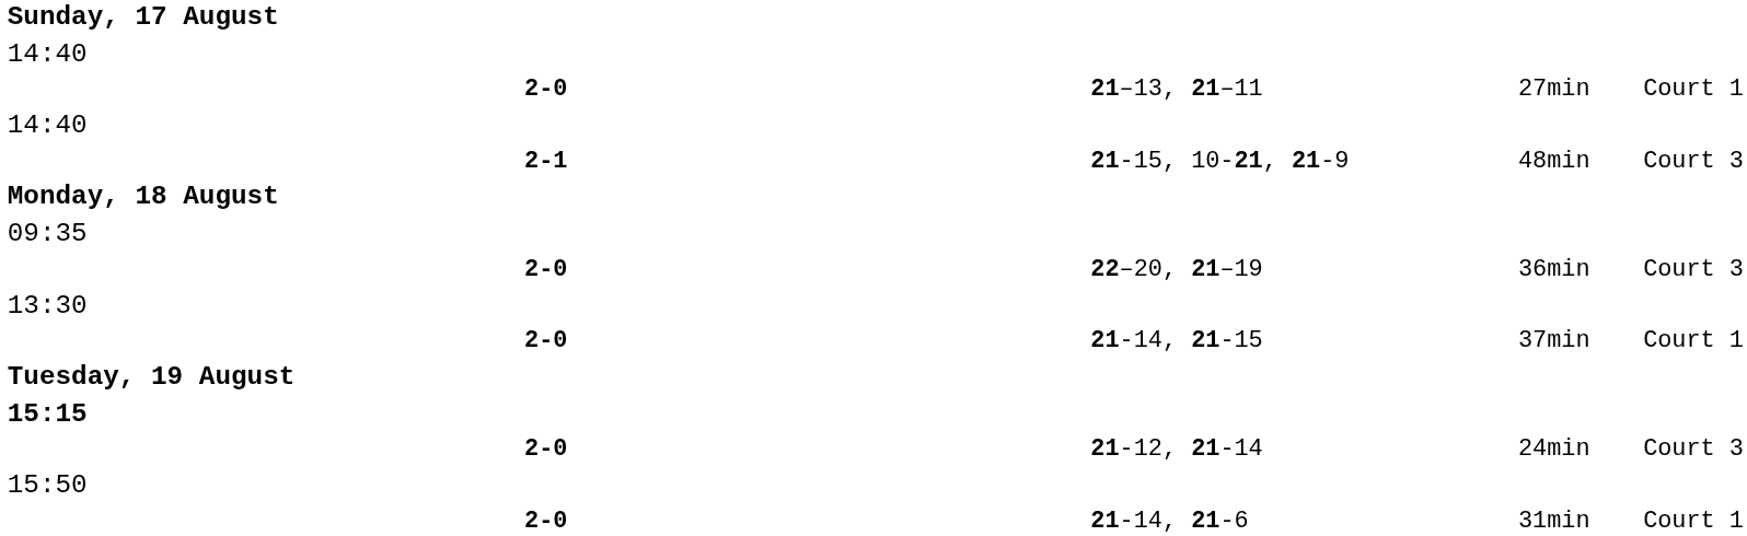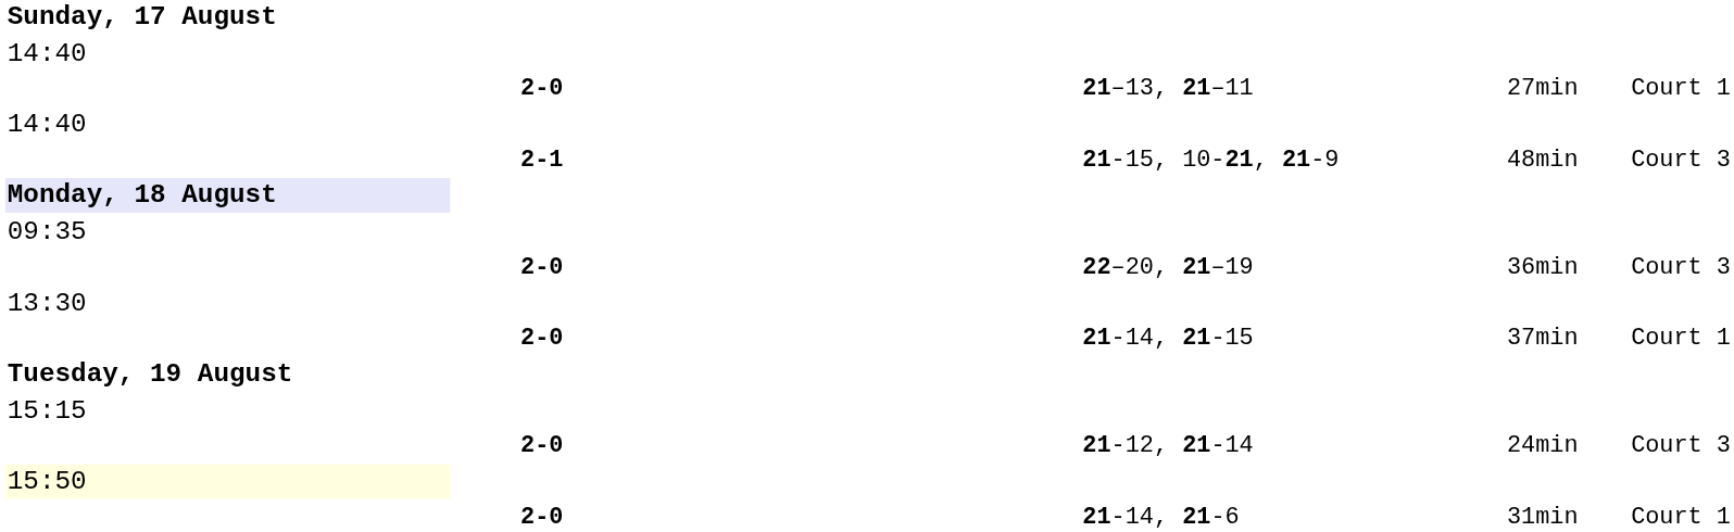 <table style="width:100%;" cellspacing="1">
 <tr>
 <th width=25%></th>
 <th width=10%></th>
 <th width=25%></th>
 </tr>
 <tr>
 <td><strong>Sunday, 17 August</strong></td>
 </tr>
 <tr>
 <td>14:40</td>
 </tr>
 <tr style=font-size:90%>
 <td align=right><strong></strong></td>
 <td align=center><strong> 2-0 </strong></td>
 <td></td>
 <td><strong>21</strong>–13, <strong>21</strong>–11</td>
 <td>27min</td>
 <td>Court 1</td>
 </tr>
 <tr>
 <td>14:40</td>
 </tr>
 <tr style=font-size:90%>
 <td align=right><strong></strong></td>
 <td align=center><strong> 2-1 </strong></td>
 <td></td>
 <td><strong>21</strong>-15, 10-<strong>21</strong>, <strong>21</strong>-9</td>
 <td>48min</td>
 <td>Court 3</td>
 </tr>
 <tr>
-<td><strong>Monday, 18 August</strong></td>
+<td style="background: lavender;"><strong>Monday, 18 August</strong></td>
 </tr>
 <tr>
 <td>09:35</td>
 </tr>
 <tr style=font-size:90%>
 <td align=right><strong></strong></td>
 <td align=center><strong> 2-0 </strong></td>
 <td></td>
 <td><strong>22</strong>–20, <strong>21</strong>–19</td>
 <td>36min</td>
 <td>Court 3</td>
 </tr>
 <tr>
 <td>13:30</td>
 </tr>
 <tr style=font-size:90%>
 <td align=right><strong></strong></td>
 <td align=center><strong> 2-0 </strong></td>
 <td></td>
 <td><strong>21</strong>-14, <strong>21</strong>-15</td>
 <td>37min</td>
 <td>Court 1</td>
 </tr>
 <tr>
 <td><strong>Tuesday, 19 August</strong></td>
 </tr>
 <tr>
-<td><strong>15:15</strong></td>
+<td>15:15</td>
 </tr>
 <tr style=font-size:90%>
 <td align=right><strong></strong></td>
 <td align=center><strong> 2-0 </strong></td>
 <td></td>
 <td><strong>21</strong>-12, <strong>21</strong>-14</td>
 <td>24min</td>
 <td>Court 3</td>
 </tr>
 <tr>
-<td>15:50</td>
+<td style="background: lightyellow;">15:50</td>
 </tr>
 <tr style=font-size:90%>
 <td align=right><strong></strong></td>
 <td align=center><strong> 2-0 </strong></td>
 <td></td>
 <td><strong>21</strong>-14, <strong>21</strong>-6</td>
 <td>31min</td>
 <td>Court 1</td>
 </tr>
 </table>
